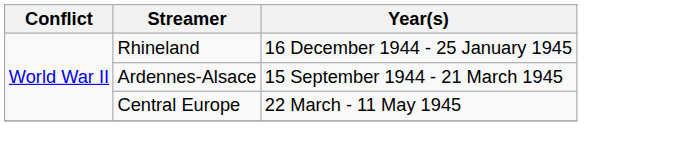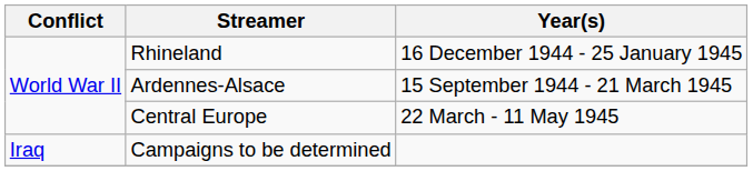 <table class=wikitable>
 <tr style="background:#efefef;">
 <th>Conflict</th>
 <th>Streamer</th>
 <th>Year(s)</th>
 </tr>
 <tr>
 <td rowspan="3"><a href='#'>World War II</a> <br> </td>
 <td>Rhineland</td>
 <td>16 December 1944 - 25 January 1945</td>
 </tr>
 <tr>
 <td>Ardennes-Alsace</td>
 <td>15 September 1944 - 21 March 1945</td>
 </tr>
 <tr>
 <td>Central Europe</td>
 <td>22 March - 11 May 1945</td>
 </tr>
 <tr>
+<td rowspan="1"><a href='#'>Iraq</a><br> </td>
+<td>Campaigns to be determined</td>
+<td></td>
+</tr>
+<tr>
 </tr>
 </table>
